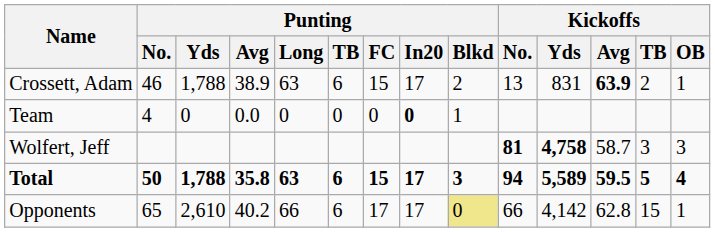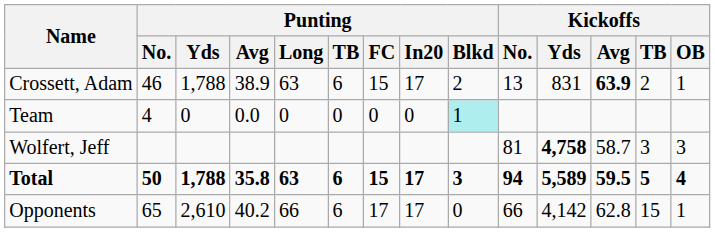 <table class="wikitable" style="white-space:nowrap">
 <tr>
 <th rowspan="2">Name</th>
 <th colspan="8">Punting</th>
 <th colspan="5">Kickoffs</th>
 </tr>
 <tr>
 <th>No.</th>
 <th>Yds</th>
 <th>Avg</th>
 <th>Long</th>
 <th>TB</th>
 <th>FC</th>
 <th>In20</th>
 <th>Blkd</th>
 <th>No.</th>
 <th>Yds</th>
 <th>Avg</th>
 <th>TB</th>
 <th>OB</th>
 </tr>
 <tr>
 <td>Crossett, Adam</td>
 <td>46</td>
 <td>1,788</td>
 <td>38.9</td>
 <td>63</td>
 <td>6</td>
 <td>15</td>
 <td>17</td>
 <td>2</td>
 <td>13</td>
 <td>   831</td>
 <td><strong>63.9</strong></td>
 <td>2</td>
 <td>1</td>
 </tr>
 <tr>
 <td>Team</td>
 <td>4</td>
 <td>0</td>
 <td>0.0</td>
 <td>0</td>
 <td>0</td>
 <td>0</td>
-<td><strong>0</strong></td>
-<td>1</td>
+<td>0</td>
+<td style="background: paleturquoise;">1</td>
 <td></td>
 <td></td>
 <td></td>
 <td></td>
 <td></td>
 </tr>
 <tr>
 <td>Wolfert, Jeff</td>
 <td></td>
 <td></td>
 <td></td>
 <td></td>
 <td></td>
 <td></td>
 <td></td>
 <td></td>
-<td><strong>81</strong></td>
+<td>81</td>
 <td><strong>4,758</strong></td>
 <td>58.7</td>
 <td>3</td>
 <td>3</td>
 </tr>
 <tr style="font-weight:bold;">
 <td>Total</td>
 <td>50</td>
 <td>1,788</td>
 <td>35.8</td>
 <td>63</td>
 <td>6</td>
 <td>15</td>
 <td>17</td>
 <td>3</td>
 <td>94</td>
 <td>5,589</td>
 <td>59.5</td>
 <td>5</td>
 <td>4</td>
 </tr>
 <tr>
 <td>Opponents</td>
 <td>65</td>
 <td>2,610</td>
 <td>40.2</td>
 <td>66</td>
 <td>6</td>
 <td>17</td>
 <td>17</td>
-<td style="background: khaki;">0</td>
+<td>0</td>
 <td>66</td>
 <td>4,142</td>
 <td>62.8</td>
 <td>15</td>
 <td>1</td>
 </tr>
 </table>
